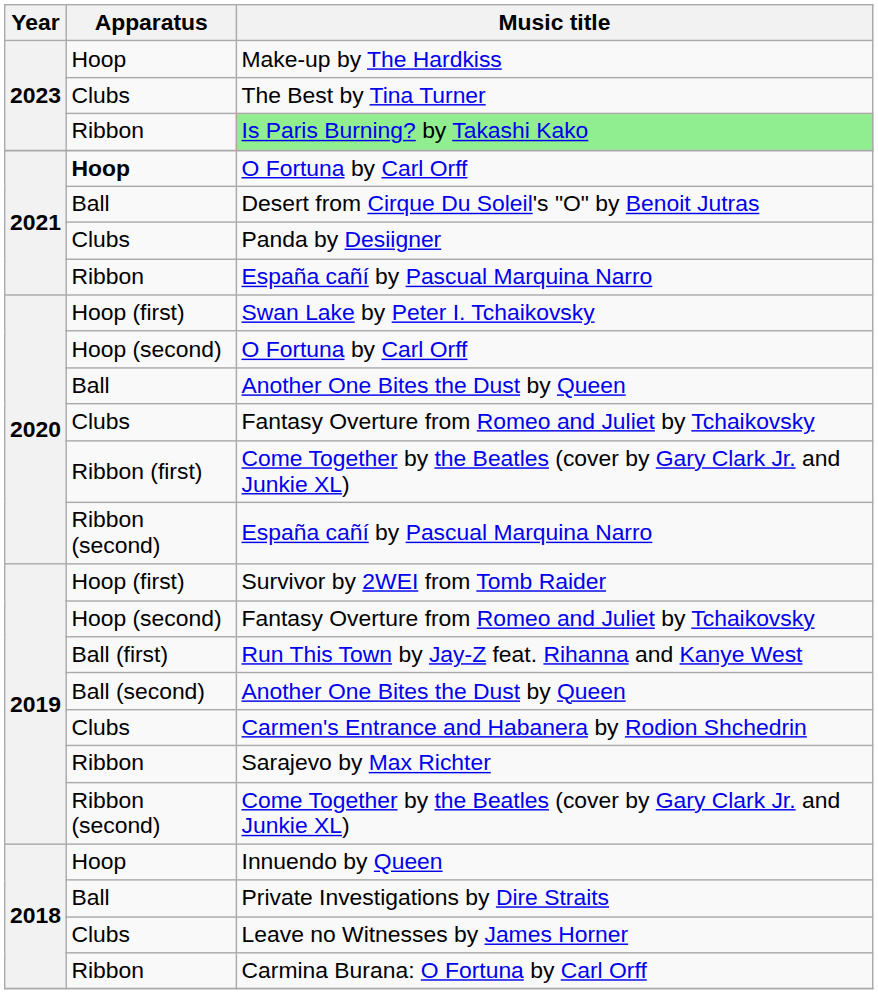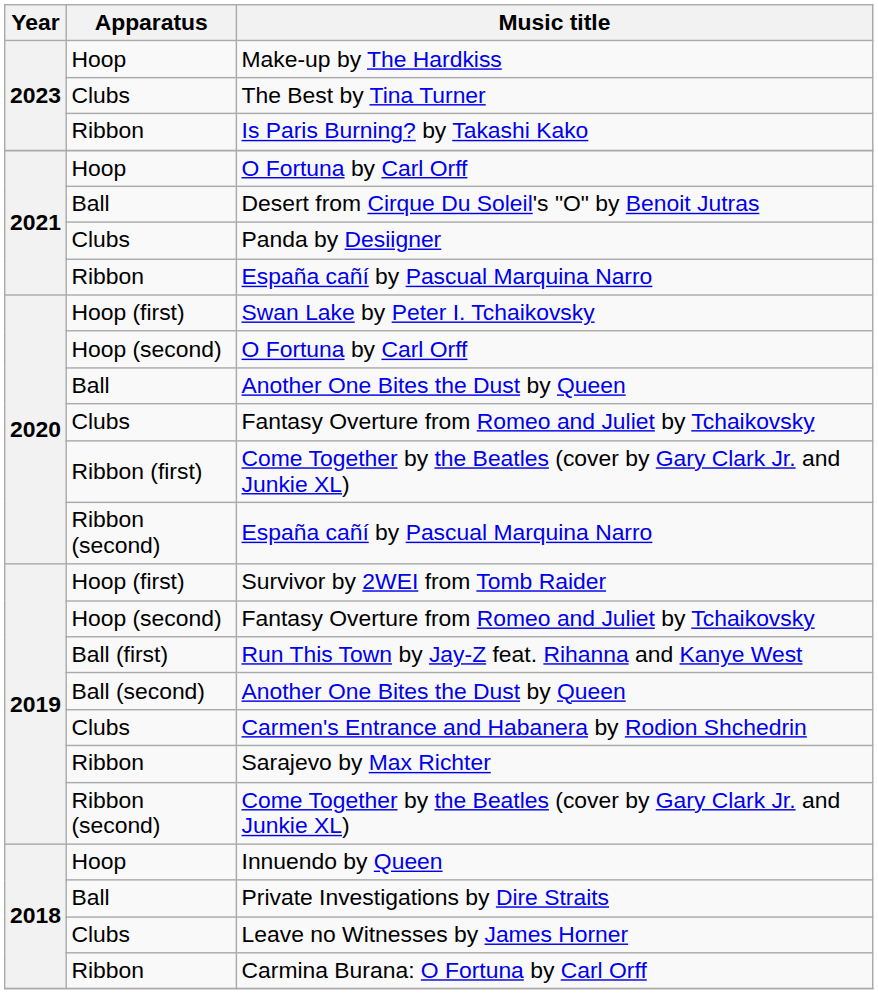 <table class="wikitable plainrowheaders">
 <tr>
 <th scope=col>Year</th>
 <th scope=col>Apparatus</th>
 <th scope=col>Music title</th>
 </tr>
 <tr>
 <th scope=row rowspan=3>2023</th>
 <td>Hoop</td>
 <td>Make-up by <a href='#'>The Hardkiss</a></td>
 </tr>
 <tr>
 <td>Clubs</td>
 <td>The Best by <a href='#'>Tina Turner</a></td>
 </tr>
 <tr>
 <td>Ribbon</td>
-<td style="background: lightgreen;"><a href='#'>Is Paris Burning?</a> by <a href='#'>Takashi Kako</a></td>
+<td><a href='#'>Is Paris Burning?</a> by <a href='#'>Takashi Kako</a></td>
 </tr>
 <tr>
 </tr>
 <tr>
 <th scope=row rowspan=4>2021</th>
-<td><strong>Hoop</strong></td>
+<td>Hoop</td>
 <td><a href='#'>O Fortuna</a> by <a href='#'>Carl Orff</a></td>
 </tr>
 <tr>
 <td>Ball</td>
 <td>Desert from <a href='#'>Cirque Du Soleil</a>'s "O" by <a href='#'>Benoit Jutras</a></td>
 </tr>
 <tr>
 <td>Clubs</td>
 <td>Panda by <a href='#'>Desiigner</a></td>
 </tr>
 <tr>
 <td>Ribbon</td>
 <td><a href='#'>España cañí</a> by <a href='#'>Pascual Marquina Narro</a></td>
 </tr>
 <tr>
 <th scope=row rowspan=6>2020</th>
 <td>Hoop (first)</td>
 <td><a href='#'>Swan Lake</a> by <a href='#'>Peter I. Tchaikovsky</a></td>
 </tr>
 <tr>
 <td>Hoop (second)</td>
 <td><a href='#'>O Fortuna</a> by <a href='#'>Carl Orff</a></td>
 </tr>
 <tr>
 <td>Ball</td>
 <td><a href='#'>Another One Bites the Dust</a> by <a href='#'>Queen</a></td>
 </tr>
 <tr>
 <td>Clubs</td>
 <td>Fantasy Overture from <a href='#'>Romeo and Juliet</a> by <a href='#'>Tchaikovsky</a></td>
 </tr>
 <tr>
 <td>Ribbon (first)</td>
 <td><a href='#'>Come Together</a> by <a href='#'>the Beatles</a> (cover by <a href='#'>Gary Clark Jr.</a> and <a href='#'>Junkie XL</a>)</td>
 </tr>
 <tr>
 <td>Ribbon (second)</td>
 <td><a href='#'>España cañí</a> by <a href='#'>Pascual Marquina Narro</a></td>
 </tr>
 <tr>
 <th scope=row rowspan=7>2019</th>
 <td>Hoop (first)</td>
 <td>Survivor by <a href='#'>2WEI</a> from <a href='#'>Tomb Raider</a></td>
 </tr>
 <tr>
 <td>Hoop (second)</td>
 <td>Fantasy Overture from <a href='#'>Romeo and Juliet</a> by <a href='#'>Tchaikovsky</a></td>
 </tr>
 <tr>
 <td>Ball (first)</td>
 <td><a href='#'>Run This Town</a> by <a href='#'>Jay-Z</a> feat. <a href='#'>Rihanna</a> and <a href='#'>Kanye West</a></td>
 </tr>
 <tr>
 <td>Ball (second)</td>
 <td><a href='#'>Another One Bites the Dust</a> by <a href='#'>Queen</a></td>
 </tr>
 <tr>
 <td>Clubs</td>
 <td><a href='#'>Carmen's Entrance and Habanera</a> by <a href='#'>Rodion Shchedrin</a></td>
 </tr>
 <tr>
 <td>Ribbon</td>
 <td>Sarajevo by <a href='#'>Max Richter</a></td>
 </tr>
 <tr>
 <td>Ribbon (second)</td>
 <td><a href='#'>Come Together</a> by <a href='#'>the Beatles</a> (cover by <a href='#'>Gary Clark Jr.</a> and <a href='#'>Junkie XL</a>)</td>
 </tr>
 <tr>
 <th scope=row rowspan=4>2018</th>
 <td>Hoop</td>
 <td>Innuendo by <a href='#'>Queen</a></td>
 </tr>
 <tr>
 <td>Ball</td>
 <td>Private Investigations by <a href='#'>Dire Straits</a></td>
 </tr>
 <tr>
 <td>Clubs</td>
 <td>Leave no Witnesses by <a href='#'>James Horner</a></td>
 </tr>
 <tr>
 <td>Ribbon</td>
 <td>Carmina Burana: <a href='#'>O Fortuna</a> by <a href='#'>Carl Orff</a></td>
 </tr>
 <tr>
 </tr>
 </table>
